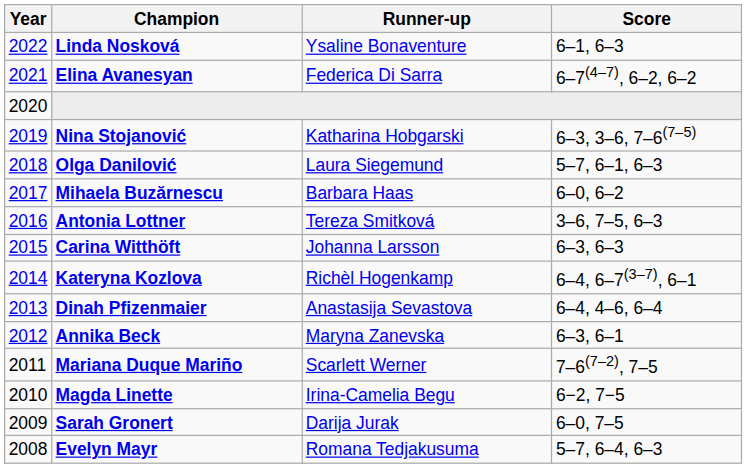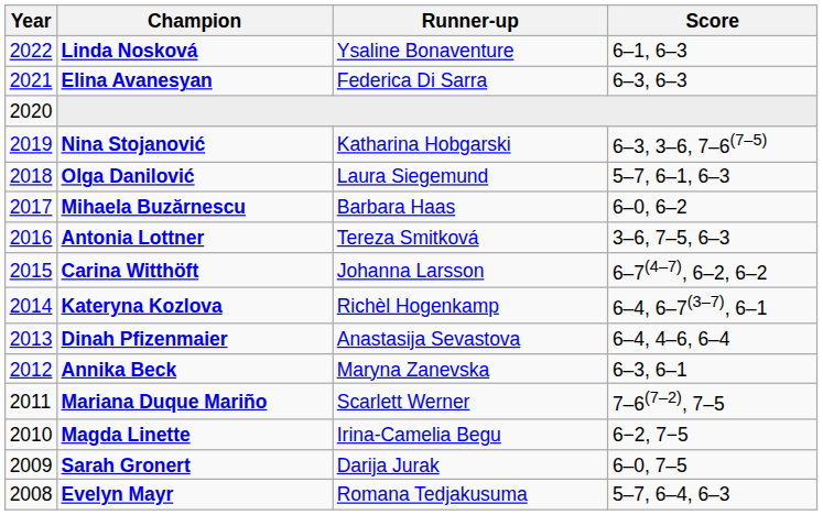 <table class="wikitable" style="font-size:90%">
 <tr>
 <th>Year</th>
 <th width="200">Champion</th>
 <th width="200">Runner-up</th>
 <th width="150">Score</th>
 </tr>
 <tr>
 <td><a href='#'>2022</a></td>
 <td> <strong><a href='#'>Linda Nosková</a></strong></td>
 <td> <a href='#'>Ysaline Bonaventure</a></td>
 <td>6–1, 6–3</td>
 </tr>
 <tr>
 <td><a href='#'>2021</a></td>
 <td> <strong><a href='#'>Elina Avanesyan</a></strong></td>
 <td> <a href='#'>Federica Di Sarra</a></td>
-<td>6–7<sup>(4–7)</sup>, 6–2, 6–2</td>
+<td>6–3, 6–3</td>
 </tr>
 <tr>
 <td>2020</td>
 <td colspan=3 bgcolor="#ededed"></td>
 </tr>
 <tr>
 <td><a href='#'>2019</a></td>
 <td> <strong><a href='#'>Nina Stojanović</a></strong></td>
 <td> <a href='#'>Katharina Hobgarski</a></td>
 <td>6–3, 3–6, 7–6<sup>(7–5)</sup></td>
 </tr>
 <tr>
 <td><a href='#'>2018</a></td>
 <td> <strong><a href='#'>Olga Danilović</a></strong></td>
 <td> <a href='#'>Laura Siegemund</a></td>
 <td>5–7, 6–1, 6–3</td>
 </tr>
 <tr>
 <td><a href='#'>2017</a></td>
 <td> <strong><a href='#'>Mihaela Buzărnescu</a></strong></td>
 <td> <a href='#'>Barbara Haas</a></td>
 <td>6–0, 6–2</td>
 </tr>
 <tr>
 <td><a href='#'>2016</a></td>
 <td> <strong><a href='#'>Antonia Lottner</a></strong></td>
 <td> <a href='#'>Tereza Smitková</a></td>
 <td>3–6, 7–5, 6–3</td>
 </tr>
 <tr>
 <td><a href='#'>2015</a></td>
 <td> <strong><a href='#'>Carina Witthöft</a></strong></td>
 <td> <a href='#'>Johanna Larsson</a></td>
-<td>6–3, 6–3</td>
+<td>6–7<sup>(4–7)</sup>, 6–2, 6–2</td>
 </tr>
 <tr>
 <td><a href='#'>2014</a></td>
 <td> <strong><a href='#'>Kateryna Kozlova</a></strong></td>
 <td> <a href='#'>Richèl Hogenkamp</a></td>
 <td>6–4, 6–7<sup>(3–7)</sup>, 6–1</td>
 </tr>
 <tr>
 <td><a href='#'>2013</a></td>
 <td> <strong><a href='#'>Dinah Pfizenmaier</a></strong></td>
 <td> <a href='#'>Anastasija Sevastova</a></td>
 <td>6–4, 4–6, 6–4</td>
 </tr>
 <tr>
 <td><a href='#'>2012</a></td>
 <td> <strong><a href='#'>Annika Beck</a></strong></td>
 <td> <a href='#'>Maryna Zanevska</a></td>
 <td>6–3, 6–1</td>
 </tr>
 <tr>
 <td>2011</td>
 <td> <strong><a href='#'>Mariana Duque Mariño</a></strong></td>
 <td> <a href='#'>Scarlett Werner</a></td>
 <td>7–6<sup>(7–2)</sup>, 7–5</td>
 </tr>
 <tr>
 <td>2010</td>
 <td> <strong><a href='#'>Magda Linette</a></strong></td>
 <td> <a href='#'>Irina-Camelia Begu</a></td>
 <td>6−2, 7−5</td>
 </tr>
 <tr>
 <td>2009</td>
 <td> <strong><a href='#'>Sarah Gronert</a></strong></td>
 <td> <a href='#'>Darija Jurak</a></td>
 <td>6–0, 7–5</td>
 </tr>
 <tr>
 <td>2008</td>
 <td> <strong><a href='#'>Evelyn Mayr</a></strong></td>
 <td> <a href='#'>Romana Tedjakusuma</a></td>
 <td>5–7, 6–4, 6–3</td>
 </tr>
 </table>
